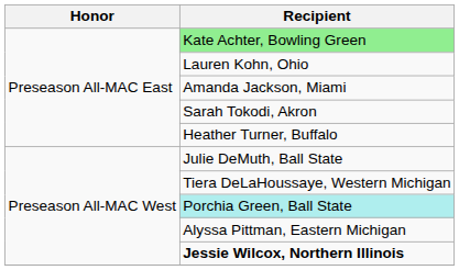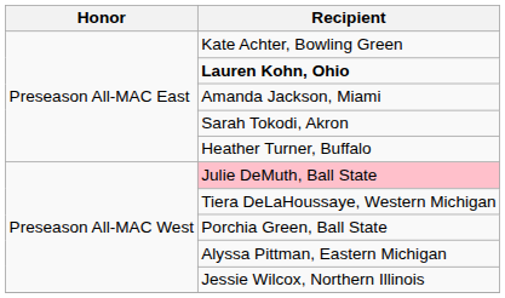 <table class="wikitable" border="1">
 <tr>
 <th>Honor</th>
 <th>Recipient</th>
 </tr>
 <tr>
 <td rowspan=5 valign=middle>Preseason All-MAC East</td>
-<td style="background: lightgreen;">Kate Achter, Bowling Green</td>
+<td>Kate Achter, Bowling Green</td>
 </tr>
 <tr>
-<td>Lauren Kohn, Ohio</td>
+<td><strong>Lauren Kohn, Ohio</strong></td>
 </tr>
 <tr>
 <td>Amanda Jackson, Miami</td>
 </tr>
 <tr>
 <td>Sarah Tokodi, Akron</td>
 </tr>
 <tr>
 <td>Heather Turner, Buffalo</td>
 </tr>
 <tr>
 <td rowspan=5 valign=middle>Preseason All-MAC West</td>
-<td>Julie DeMuth, Ball State</td>
+<td style="background: pink;">Julie DeMuth, Ball State</td>
 </tr>
 <tr>
 <td>Tiera DeLaHoussaye, Western Michigan</td>
 </tr>
 <tr>
-<td style="background: paleturquoise;">Porchia Green, Ball State</td>
+<td>Porchia Green, Ball State</td>
 </tr>
 <tr>
 <td>Alyssa Pittman, Eastern Michigan</td>
 </tr>
 <tr>
-<td><strong>Jessie Wilcox, Northern Illinois</strong></td>
+<td>Jessie Wilcox, Northern Illinois</td>
 </tr>
 <tr>
 </tr>
 </table>
